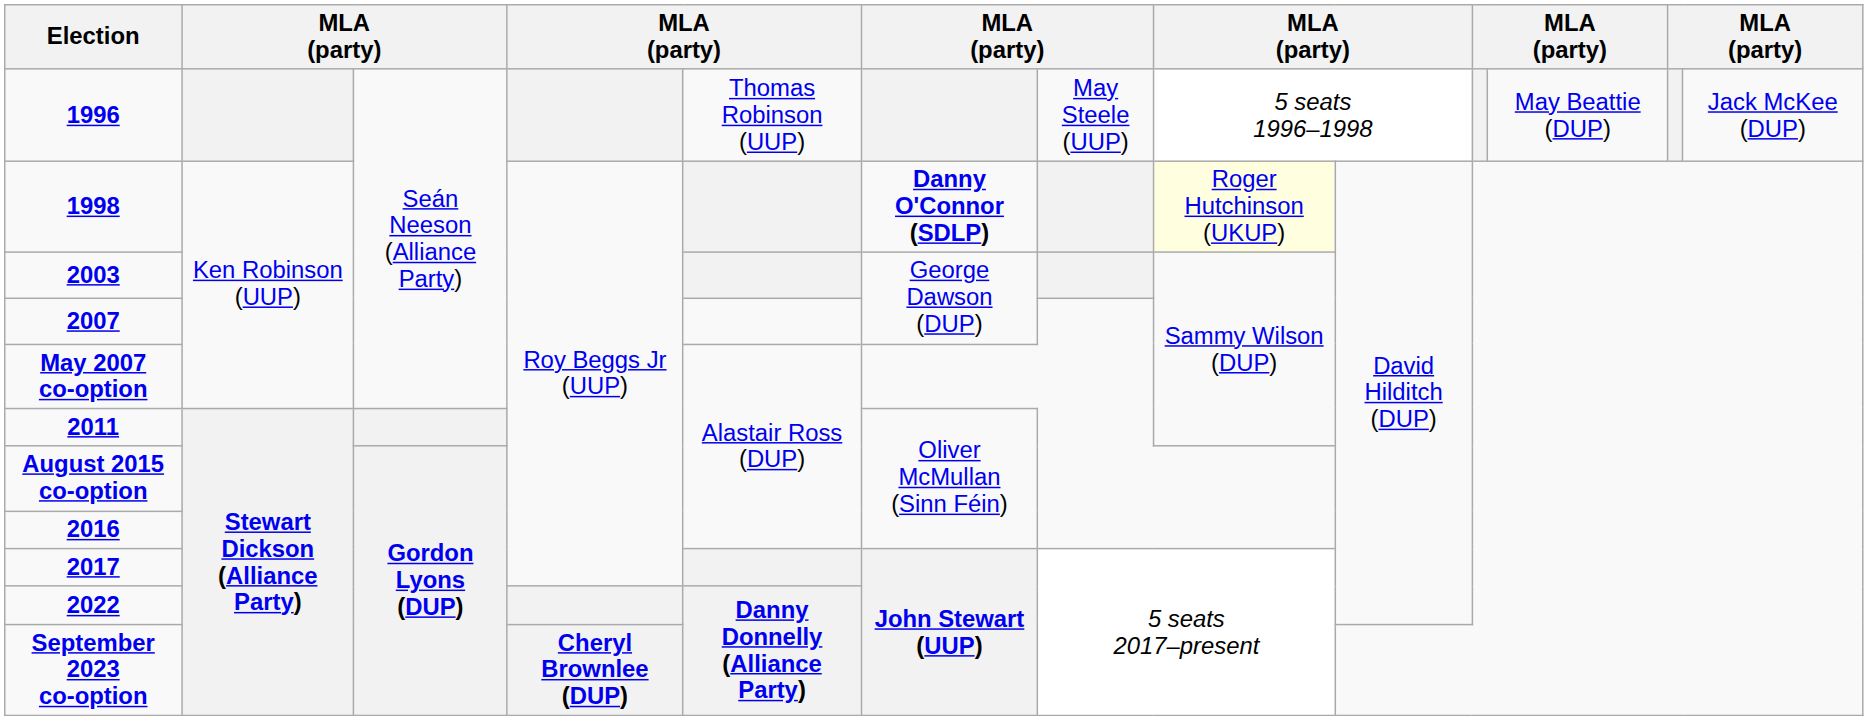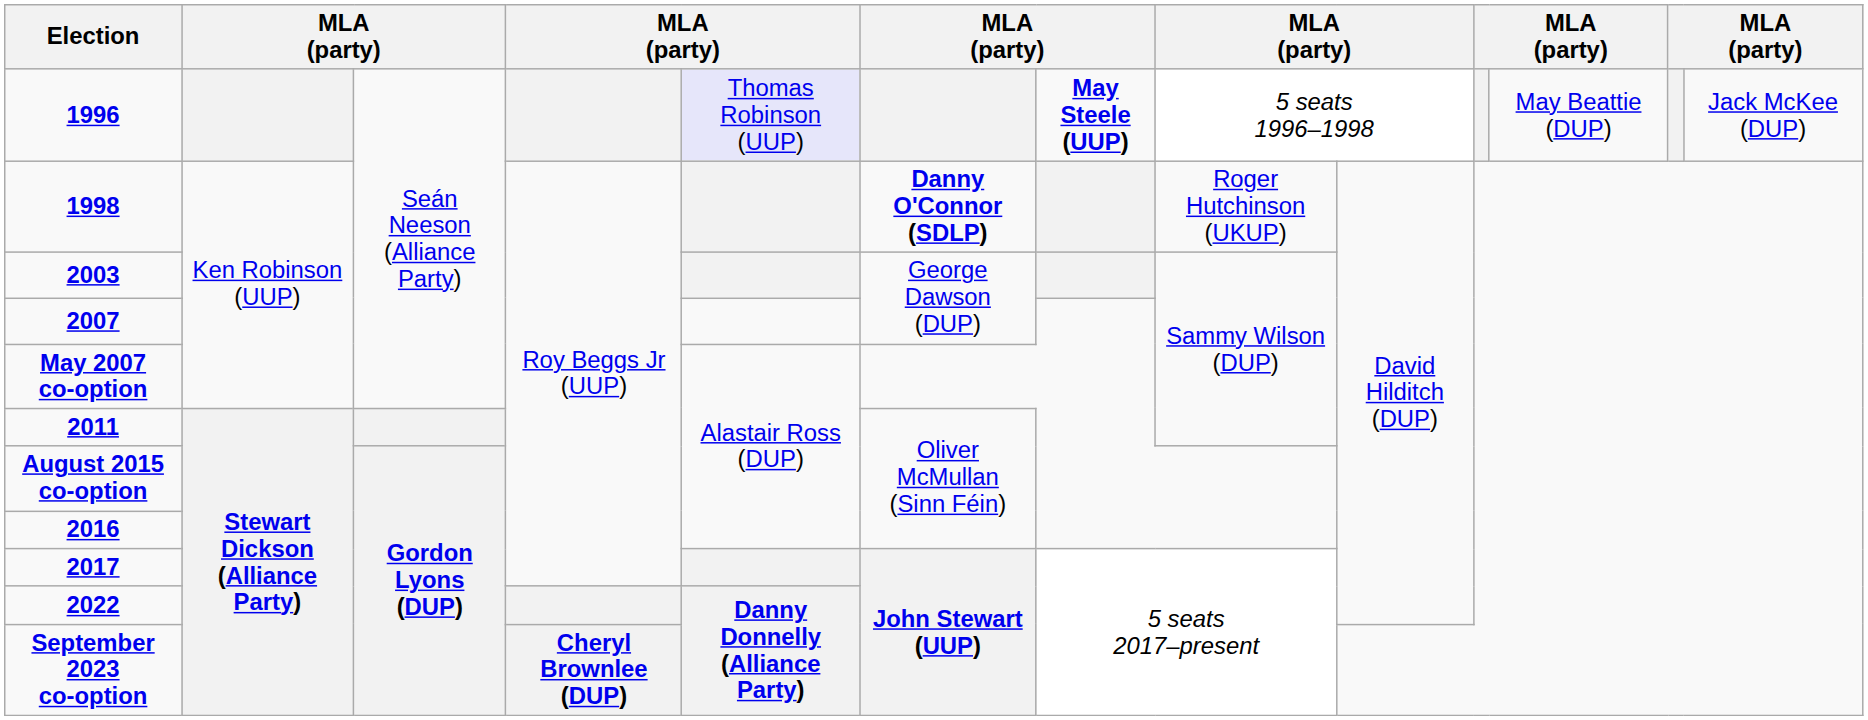 <table class="wikitable" style="text-align:center">
 <tr>
 <th>Election</th>
 <th scope="col" width="150" colspan = "2">MLA<br> (party)</th>
 <th scope="col" width="150" colspan = "2">MLA<br> (party)</th>
 <th scope="col" width="150" colspan = "2">MLA<br> (party)</th>
 <th scope="col" width="150" colspan = "2">MLA<br> (party)</th>
 <th scope="col" width="150" colspan = "2">MLA<br> (party)</th>
 <th scope="col" width="150" colspan = "2">MLA<br> (party)</th>
 </tr>
 <tr>
 <td><strong><a href='#'>1996</a></strong></td>
 <th style="background-color: "></th>
 <td rowspan=5><a href='#'>Seán Neeson</a><br>(<a href='#'>Alliance Party</a>)</td>
 <th style="background-color: "></th>
-<td><a href='#'>Thomas Robinson</a><br>(<a href='#'>UUP</a>)</td>
+<td style="background: lavender;"><a href='#'>Thomas Robinson</a><br>(<a href='#'>UUP</a>)</td>
 <th style="background-color: "></th>
-<td><a href='#'>May Steele</a><br>(<a href='#'>UUP</a>)</td>
+<td><strong><a href='#'>May Steele</a><br>(<a href='#'>UUP</a>)</strong></td>
 <td style="background-color:#FFFFFF" colspan=2><em>5 seats<br>1996–1998</em></td>
 <th style="background-color: "></th>
 <td><a href='#'>May Beattie</a><br>(<a href='#'>DUP</a>)</td>
 <th style="background-color: "></th>
 <td><a href='#'>Jack McKee</a><br>(<a href='#'>DUP</a>)</td>
 </tr>
 <tr>
 <td><strong><a href='#'>1998</a></strong></td>
 <td rowspan=4><a href='#'>Ken Robinson</a><br>(<a href='#'>UUP</a>)</td>
 <td rowspan=8><a href='#'>Roy Beggs Jr</a><br>(<a href='#'>UUP</a>)</td>
 <th style="background-color: "></th>
 <td><strong><a href='#'>Danny O'Connor</a><br>(<a href='#'>SDLP</a>)</strong></td>
 <th style="background-color: "></th>
-<td style="background: lightyellow;"><a href='#'>Roger Hutchinson</a><br>(<a href='#'>UKUP</a>)</td>
+<td><a href='#'>Roger Hutchinson</a><br>(<a href='#'>UKUP</a>)</td>
 <td rowspan="9"><a href='#'>David Hilditch</a><br>(<a href='#'>DUP</a>)</td>
 </tr>
 <tr>
 <td><strong><a href='#'>2003</a></strong></td>
 <th style="background-color: "></th>
 <td rowspan=2><a href='#'>George Dawson</a><br>(<a href='#'>DUP</a>)</td>
 <th style="background-color: "></th>
 <td rowspan=4><a href='#'>Sammy Wilson</a><br>(<a href='#'>DUP</a>)</td>
 </tr>
 <tr>
 <td><strong><a href='#'>2007</a></strong></td>
 </tr>
 <tr>
 <td><strong><a href='#'>May 2007<br>co-option</a></strong></td>
 <td rowspan=4><a href='#'>Alastair Ross</a><br>(<a href='#'>DUP</a>)</td>
 </tr>
 <tr>
 <td><strong><a href='#'>2011</a></strong></td>
 <th rowspan="6"><a href='#'>Stewart Dickson</a><br>(<a href='#'>Alliance Party</a>)</th>
 <th style="background-color: "></th>
 <td rowspan=3><a href='#'>Oliver McMullan</a><br>(<a href='#'>Sinn Féin</a>)</td>
 </tr>
 <tr>
 <td><strong><a href='#'>August 2015<br>co-option</a></strong></td>
 <th rowspan="5"><a href='#'>Gordon Lyons</a><br>(<a href='#'>DUP</a>)</th>
 </tr>
 <tr>
 <td><strong><a href='#'>2016</a></strong></td>
 </tr>
 <tr>
 <td><strong><a href='#'>2017</a></strong></td>
 <th style="background-color: "></th>
 <th rowspan="3"><a href='#'>John Stewart</a><br>(<a href='#'>UUP</a>)</th>
 <td colspan="2" rowspan="3" style="background-color:#FFFFFF"><em>5 seats<br>2017–present</em></td>
 </tr>
 <tr>
 <td><strong><a href='#'>2022</a></strong></td>
 <th style="background-color: "></th>
 <th rowspan="2"><a href='#'>Danny Donnelly</a><br>(<a href='#'>Alliance Party</a>)</th>
 </tr>
 <tr>
 <td><strong><a href='#'>September 2023<br>co-option</a></strong></td>
 <th rowspan="1"><a href='#'>Cheryl Brownlee</a><br>(<a href='#'>DUP</a>)</th>
 </tr>
 </table>
